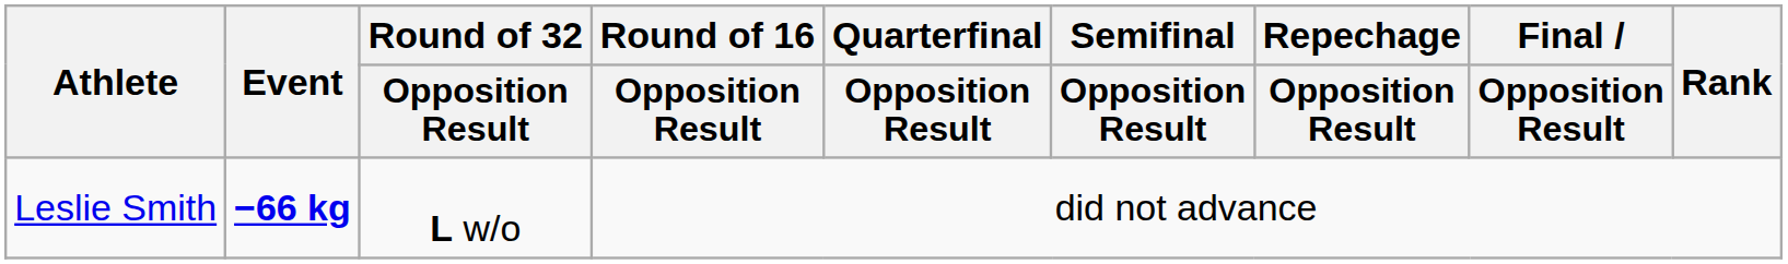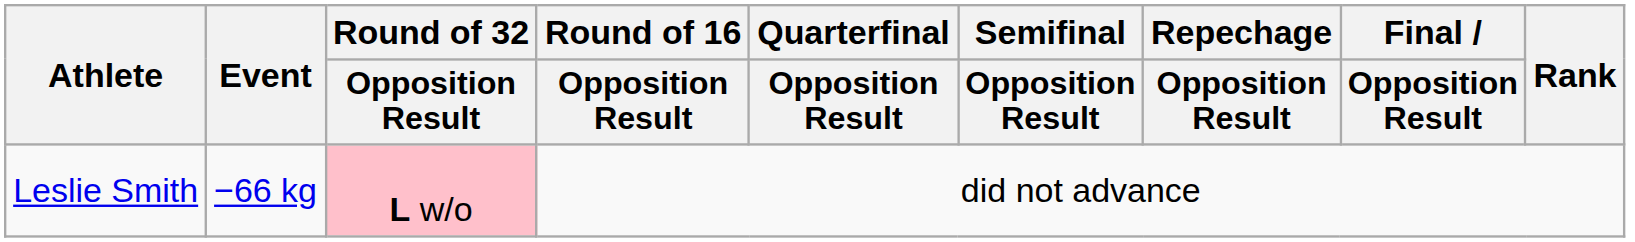 <table class="wikitable" style="font-size:90%">
 <tr>
 <th rowspan=2>Athlete</th>
 <th rowspan=2>Event</th>
 <th>Round of 32</th>
 <th>Round of 16</th>
 <th>Quarterfinal</th>
 <th>Semifinal</th>
 <th>Repechage</th>
 <th>Final / </th>
 <th rowspan=2>Rank</th>
 </tr>
 <tr style="font-size: 95%">
 <th>Opposition<br>Result</th>
 <th>Opposition<br>Result</th>
 <th>Opposition<br>Result</th>
 <th>Opposition<br>Result</th>
 <th>Opposition<br>Result</th>
 <th>Opposition<br>Result</th>
 </tr>
 <tr align=center>
 <td align=left><a href='#'>Leslie Smith</a></td>
-<td align=left><strong><a href='#'>−66 kg</a></strong></td>
-<td><br><strong>L</strong> w/o</td>
+<td align=left><a href='#'>−66 kg</a></td>
+<td style="background: pink;"><br><strong>L</strong> w/o</td>
 <td colspan=6>did not advance</td>
 </tr>
 </table>
